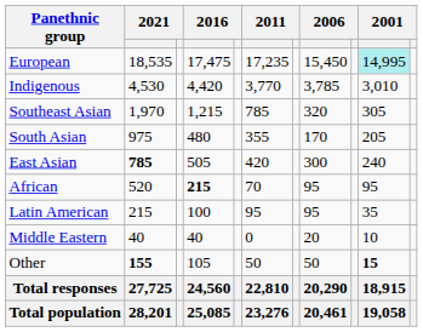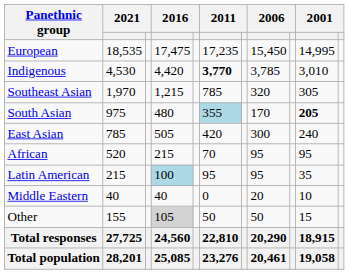 <table class="wikitable collapsible sortable">
 <tr>
 <th rowspan="2"><a href='#'>Panethnic</a><br>group</th>
 <th colspan="2">2021</th>
 <th colspan="2">2016</th>
 <th colspan="2">2011</th>
 <th colspan="2">2006</th>
 <th colspan="2">2001</th>
 </tr>
 <tr>
 <th><a href='#'></a></th>
 <th></th>
 <th></th>
 <th></th>
 <th></th>
 <th></th>
 <th></th>
 <th></th>
 <th></th>
 <th></th>
 </tr>
 <tr>
 <td><a href='#'>European</a></td>
 <td>18,535</td>
 <td></td>
 <td>17,475</td>
 <td></td>
 <td>17,235</td>
 <td></td>
 <td>15,450</td>
 <td></td>
-<td style="background: paleturquoise;">14,995</td>
+<td>14,995</td>
 <td></td>
 </tr>
 <tr>
 <td><a href='#'>Indigenous</a></td>
 <td>4,530</td>
 <td></td>
 <td>4,420</td>
 <td></td>
-<td>3,770</td>
+<td><strong>3,770</strong></td>
 <td></td>
 <td>3,785</td>
 <td></td>
 <td>3,010</td>
 <td></td>
 </tr>
 <tr>
 <td><a href='#'>Southeast Asian</a></td>
 <td>1,970</td>
 <td></td>
 <td>1,215</td>
 <td></td>
 <td>785</td>
 <td></td>
 <td>320</td>
 <td></td>
 <td>305</td>
 <td></td>
 </tr>
 <tr>
 <td><a href='#'>South Asian</a></td>
 <td>975</td>
 <td></td>
 <td>480</td>
 <td></td>
-<td>355</td>
+<td style="background: lightblue;">355</td>
 <td></td>
 <td>170</td>
 <td></td>
-<td>205</td>
+<td><strong>205</strong></td>
 <td></td>
 </tr>
 <tr>
 <td><a href='#'>East Asian</a></td>
-<td><strong>785</strong></td>
+<td>785</td>
 <td></td>
 <td>505</td>
 <td></td>
 <td>420</td>
 <td></td>
 <td>300</td>
 <td></td>
 <td>240</td>
 <td></td>
 </tr>
 <tr>
 <td><a href='#'>African</a></td>
 <td>520</td>
 <td></td>
-<td><strong>215</strong></td>
+<td>215</td>
 <td></td>
 <td>70</td>
 <td></td>
 <td>95</td>
 <td></td>
 <td>95</td>
 <td></td>
 </tr>
 <tr>
 <td><a href='#'>Latin American</a></td>
 <td>215</td>
 <td></td>
-<td>100</td>
+<td style="background: lightblue;">100</td>
 <td></td>
 <td>95</td>
 <td></td>
 <td>95</td>
 <td></td>
 <td>35</td>
 <td></td>
 </tr>
 <tr>
 <td><a href='#'>Middle Eastern</a></td>
 <td>40</td>
 <td></td>
 <td>40</td>
 <td></td>
 <td>0</td>
 <td></td>
 <td>20</td>
 <td></td>
 <td>10</td>
 <td></td>
 </tr>
 <tr>
 <td>Other</td>
-<td><strong>155</strong></td>
+<td>155</td>
 <td></td>
-<td>105</td>
+<td style="background: lightgrey;">105</td>
 <td></td>
 <td>50</td>
 <td></td>
 <td>50</td>
 <td></td>
-<td><strong>15</strong></td>
+<td>15</td>
 <td></td>
 </tr>
 <tr>
 <th>Total responses</th>
 <th>27,725</th>
 <th></th>
 <th>24,560</th>
 <th></th>
 <th>22,810</th>
 <th></th>
 <th>20,290</th>
 <th></th>
 <th>18,915</th>
 <th></th>
 </tr>
 <tr>
 <th>Total population</th>
 <th>28,201</th>
 <th></th>
 <th>25,085</th>
 <th></th>
 <th>23,276</th>
 <th></th>
 <th>20,461</th>
 <th></th>
 <th>19,058</th>
 <th></th>
 </tr>
 </table>
